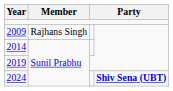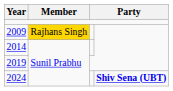 <table class="wikitable">
 <tr>
 <th>Year</th>
 <th>Member</th>
 <th colspan="2">Party</th>
 </tr>
 <tr>
 <td colspan=4></td>
 </tr>
 <tr>
 <td><a href='#'>2009</a></td>
-<td>Rajhans Singh</td>
+<td style="background: gold;">Rajhans Singh</td>
 <td></td>
 </tr>
 <tr>
 <td><a href='#'>2014</a></td>
 <td rowspan="3"><a href='#'>Sunil Prabhu</a></td>
 <td></td>
 </tr>
 <tr>
 <td><a href='#'>2019</a></td>
 </tr>
 <tr>
 <td><a href='#'>2024</a></td>
 <td style="background-color: "></td>
 <td><strong><a href='#'>Shiv Sena (UBT)</a></strong></td>
 </tr>
 </table>
